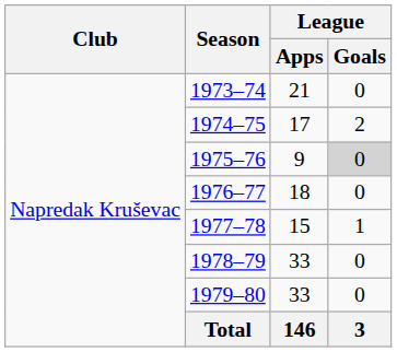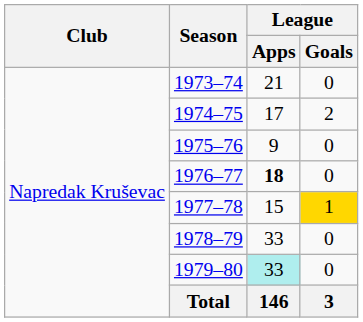 <table class="wikitable" style="text-align:center">
 <tr>
 <th rowspan="2">Club</th>
 <th rowspan="2">Season</th>
 <th colspan="2">League</th>
 </tr>
 <tr>
 <th>Apps</th>
 <th>Goals</th>
 </tr>
 <tr>
 <td rowspan="8"><a href='#'>Napredak Kruševac</a></td>
 <td><a href='#'>1973–74</a></td>
 <td>21</td>
 <td>0</td>
 </tr>
 <tr>
 <td><a href='#'>1974–75</a></td>
 <td>17</td>
 <td>2</td>
 </tr>
 <tr>
 <td><a href='#'>1975–76</a></td>
 <td>9</td>
-<td style="background: lightgrey;">0</td>
+<td>0</td>
 </tr>
 <tr>
 <td><a href='#'>1976–77</a></td>
-<td>18</td>
+<td><strong>18</strong></td>
 <td>0</td>
 </tr>
 <tr>
 <td><a href='#'>1977–78</a></td>
 <td>15</td>
-<td>1</td>
+<td style="background: gold;">1</td>
 </tr>
 <tr>
 <td><a href='#'>1978–79</a></td>
 <td>33</td>
 <td>0</td>
 </tr>
 <tr>
 <td><a href='#'>1979–80</a></td>
-<td>33</td>
+<td style="background: paleturquoise;">33</td>
 <td>0</td>
 </tr>
 <tr>
 <th>Total</th>
 <th>146</th>
 <th>3</th>
 </tr>
 </table>
